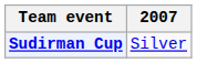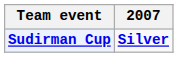 <table class="wikitable" style="font-size: 90%; text-align:center">
 <tr>
 <th>Team event</th>
 <th>2007</th>
 </tr>
 <tr>
 <td bgcolor="#ECF2FF"; align="left"><strong><a href='#'>Sudirman Cup</a></strong></td>
-<td> <a href='#'>Silver</a></td>
+<td><strong> <a href='#'>Silver</a></strong></td>
 </tr>
 </table>
